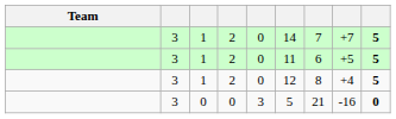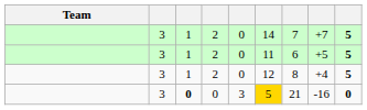 <table class="wikitable" style="text-align: center; font-size: 90%;">
 <tr>
 <th width="165">Team</th>
 <th width="25"></th>
 <th width="25"></th>
 <th width="25"></th>
 <th width="25"></th>
 <th width="25"></th>
 <th width="25"></th>
 <th width="25"></th>
 <th width="25"><br></th>
 </tr>
 <tr align=center bgcolor="ccffcc">
 <td style="text-align:left;"></td>
 <td>3</td>
 <td>1</td>
 <td>2</td>
 <td>0</td>
 <td>14</td>
 <td>7</td>
 <td>+7</td>
 <td><strong>5</strong></td>
 </tr>
 <tr align=center bgcolor="ccffcc">
 <td style="text-align:left;"></td>
 <td>3</td>
 <td>1</td>
 <td>2</td>
 <td>0</td>
 <td>11</td>
 <td>6</td>
 <td>+5</td>
 <td><strong>5</strong></td>
 </tr>
 <tr align=center>
 <td style="text-align:left;"></td>
 <td>3</td>
 <td>1</td>
 <td>2</td>
 <td>0</td>
 <td>12</td>
 <td>8</td>
 <td>+4</td>
 <td><strong>5</strong></td>
 </tr>
 <tr align=center>
 <td style="text-align:left;"></td>
 <td>3</td>
-<td>0</td>
+<td><strong>0</strong></td>
 <td>0</td>
 <td>3</td>
-<td>5</td>
+<td style="background: gold;">5</td>
 <td>21</td>
 <td>-16</td>
 <td><strong>0</strong></td>
 </tr>
 </table>
